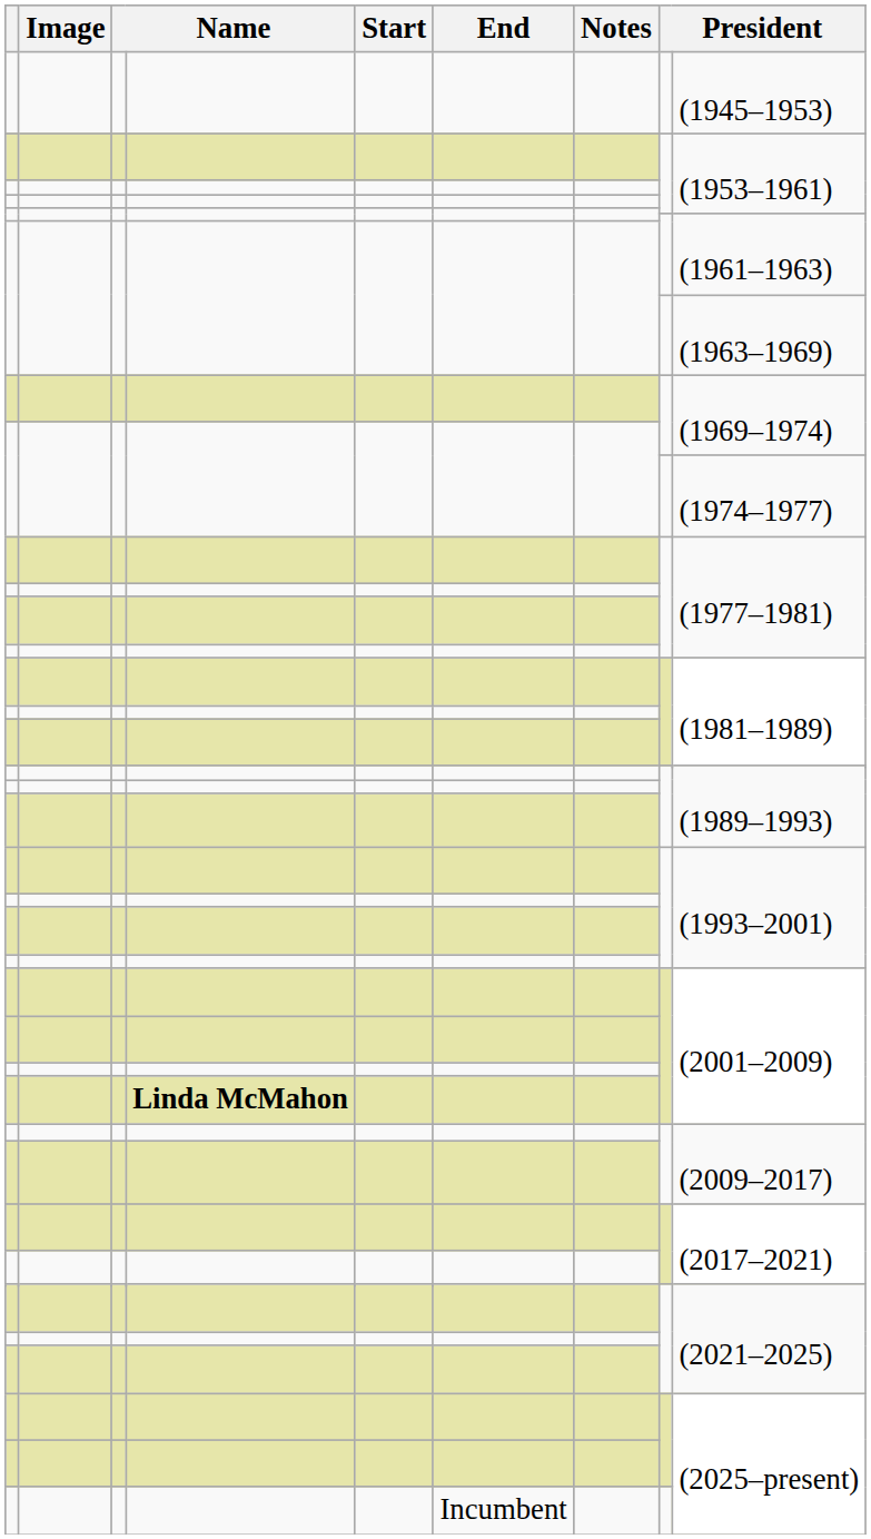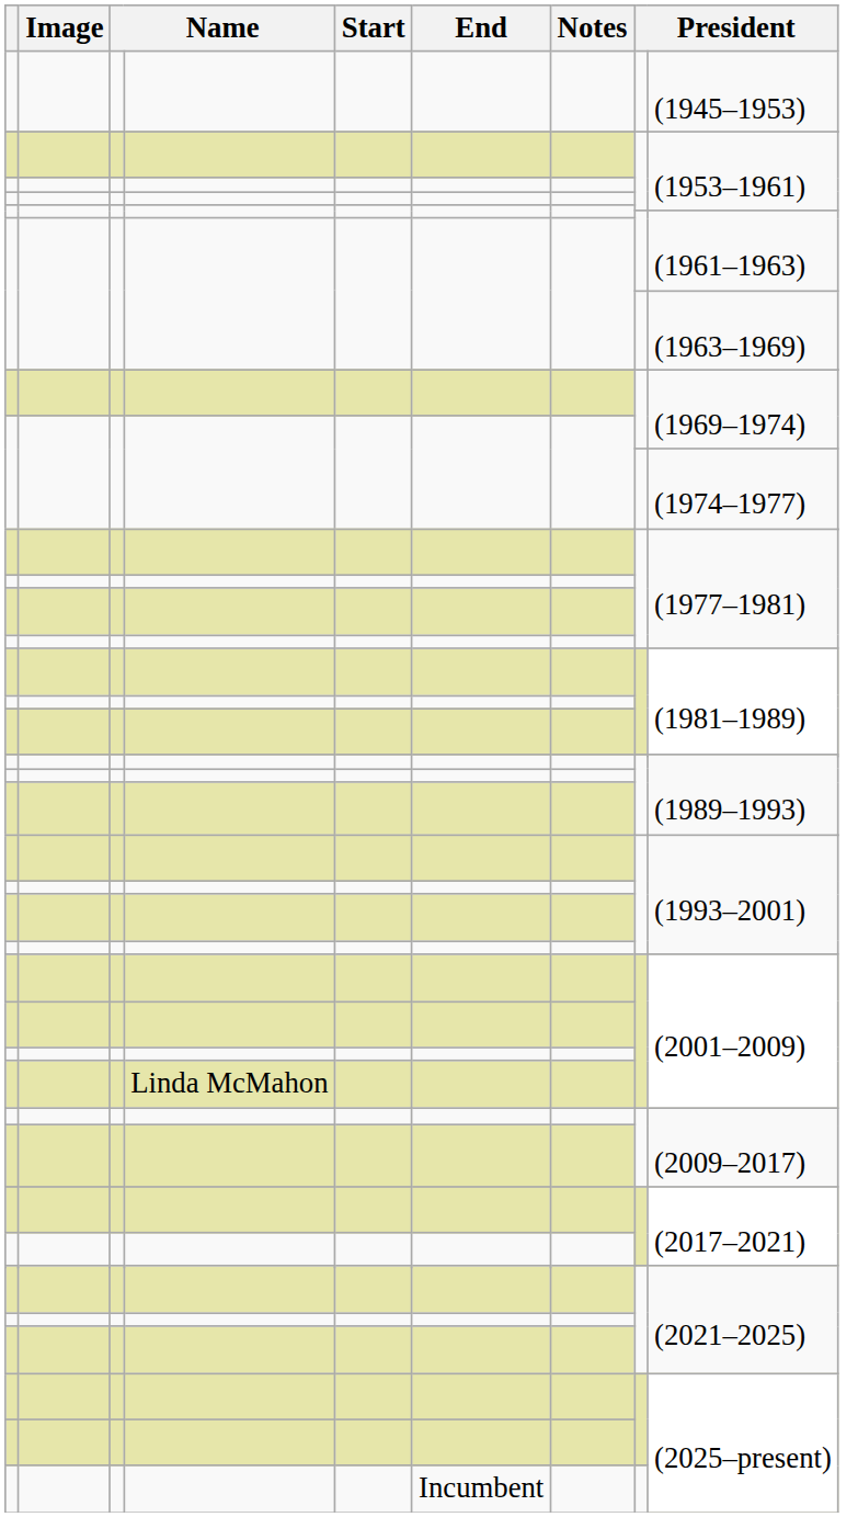 <table class="wikitable sortable">
 <tr>
 <th></th>
 <th class=unsortable>Image</th>
 <th colspan=2>Name</th>
 <th>Start</th>
 <th>End</th>
 <th>Notes</th>
 <th colspan=2>President</th>
 </tr>
 <tr>
 <td rowspan=2></td>
 <td rowspan=2></td>
 <td rowspan=2 style="background: "></td>
 <td rowspan=2></td>
 <td rowspan=2></td>
 <td rowspan=2></td>
 <td rowspan=2></td>
 <td style="background: "></td>
 <td><br>(1945–1953)</td>
 </tr>
 <tr>
 <td rowspan=5 style="background: "></td>
 <td rowspan=5><br>(1953–1961)</td>
 </tr>
 <tr bgcolor="#e6e6aa">
 <td></td>
 <td></td>
 <td style="background: "></td>
 <td><br></td>
 <td></td>
 <td></td>
 <td></td>
 </tr>
 <tr>
 <td></td>
 <td></td>
 <td style="background: "></td>
 <td></td>
 <td></td>
 <td></td>
 <td></td>
 </tr>
 <tr>
 <td></td>
 <td></td>
 <td style="background: "></td>
 <td></td>
 <td></td>
 <td></td>
 <td></td>
 </tr>
 <tr>
 <td rowspan=2></td>
 <td rowspan=2></td>
 <td rowspan=2 style="background: "></td>
 <td rowspan=2></td>
 <td rowspan=2></td>
 <td rowspan=2></td>
 <td rowspan=2></td>
 </tr>
 <tr>
 <td rowspan=2 style="background: "></td>
 <td rowspan=2><br>(1961–1963)</td>
 </tr>
 <tr>
 <td rowspan=3></td>
 <td rowspan=3></td>
 <td rowspan=3 style="background: "></td>
 <td rowspan=3></td>
 <td rowspan=3></td>
 <td rowspan=3></td>
 <td rowspan=3></td>
 </tr>
 <tr>
 <td style="background: "></td>
 <td><br>(1963–1969)</td>
 </tr>
 <tr>
 <td rowspan=3 style="background: "></td>
 <td rowspan=3><br>(1969–1974)</td>
 </tr>
 <tr bgcolor="#e6e6aa">
 <td></td>
 <td></td>
 <td style="background: "></td>
 <td><br></td>
 <td></td>
 <td></td>
 <td></td>
 </tr>
 <tr>
 <td rowspan=3></td>
 <td rowspan=3></td>
 <td rowspan=3 style="background: "></td>
 <td rowspan=3></td>
 <td rowspan=3></td>
 <td rowspan=3></td>
 <td rowspan=3></td>
 </tr>
 <tr>
 <td style="background: "></td>
 <td><br>(1974–1977)</td>
 </tr>
 <tr>
 <td rowspan=5 style="background: "></td>
 <td rowspan=5><br>(1977–1981)</td>
 </tr>
 <tr bgcolor="#e6e6aa">
 <td></td>
 <td></td>
 <td style="background: "></td>
 <td><br></td>
 <td></td>
 <td></td>
 <td></td>
 </tr>
 <tr>
 <td></td>
 <td></td>
 <td style="background: "></td>
 <td></td>
 <td></td>
 <td></td>
 <td></td>
 </tr>
 <tr bgcolor="#e6e6aa">
 <td></td>
 <td></td>
 <td style="background: "></td>
 <td><br></td>
 <td></td>
 <td></td>
 <td></td>
 </tr>
 <tr>
 <td></td>
 <td></td>
 <td style="background: "></td>
 <td></td>
 <td></td>
 <td></td>
 <td></td>
 </tr>
 <tr bgcolor="#e6e6aa">
 <td></td>
 <td></td>
 <td style="background: "></td>
 <td><br></td>
 <td></td>
 <td></td>
 <td></td>
 <td rowspan=4 style="background: "></td>
 <td rowspan=4 bgcolor="#ffffff"><br>(1981–1989)</td>
 </tr>
 <tr>
 <td></td>
 <td></td>
 <td style="background: "></td>
 <td></td>
 <td></td>
 <td></td>
 <td></td>
 </tr>
 <tr bgcolor="#e6e6aa">
 <td></td>
 <td></td>
 <td style="background: "></td>
 <td><br></td>
 <td></td>
 <td></td>
 <td></td>
 </tr>
 <tr>
 <td rowspan=2></td>
 <td rowspan=2></td>
 <td rowspan=2 style="background: "></td>
 <td rowspan=2></td>
 <td rowspan=2></td>
 <td rowspan=2></td>
 <td rowspan=2></td>
 </tr>
 <tr>
 <td rowspan=3 style="background: "></td>
 <td rowspan=3><br>(1989–1993)</td>
 </tr>
 <tr>
 <td></td>
 <td></td>
 <td style="background: "></td>
 <td></td>
 <td></td>
 <td></td>
 <td></td>
 </tr>
 <tr bgcolor="#e6e6aa">
 <td rowspan=2></td>
 <td rowspan=2></td>
 <td rowspan=2 style="background: "></td>
 <td rowspan=2><br></td>
 <td rowspan=2></td>
 <td rowspan=2></td>
 <td rowspan=2></td>
 </tr>
 <tr>
 <td rowspan=5 style="background: "></td>
 <td rowspan=5><br>(1993–2001)</td>
 </tr>
 <tr bgcolor="#e6e6aa">
 <td></td>
 <td></td>
 <td style="background: "></td>
 <td><br></td>
 <td></td>
 <td></td>
 <td></td>
 </tr>
 <tr>
 <td></td>
 <td></td>
 <td style="background: "></td>
 <td></td>
 <td></td>
 <td></td>
 <td></td>
 </tr>
 <tr bgcolor="#e6e6aa">
 <td></td>
 <td></td>
 <td style="background: "></td>
 <td><br></td>
 <td></td>
 <td></td>
 <td></td>
 </tr>
 <tr>
 <td></td>
 <td></td>
 <td style="background: "></td>
 <td></td>
 <td></td>
 <td></td>
 <td></td>
 </tr>
 <tr bgcolor="#e6e6aa">
 <td></td>
 <td></td>
 <td style="background: "></td>
 <td><br></td>
 <td></td>
 <td></td>
 <td></td>
 <td rowspan=5 style="background: "></td>
 <td rowspan=5 bgcolor="#ffffff"><br>(2001–2009)</td>
 </tr>
 <tr bgcolor="#e6e6aa">
 <td></td>
 <td></td>
 <td style="background: "></td>
 <td><br></td>
 <td></td>
 <td></td>
 <td></td>
 </tr>
 <tr>
 <td></td>
 <td></td>
 <td style="background: "></td>
 <td></td>
 <td></td>
 <td></td>
 <td></td>
 </tr>
 <tr bgcolor="#e6e6aa">
 <td></td>
 <td></td>
 <td style="background: "></td>
-<td><strong>Linda McMahon<br></strong></td>
+<td>Linda McMahon<br></td>
 <td></td>
 <td></td>
 <td></td>
 </tr>
 <tr>
 <td rowspan=2></td>
 <td rowspan=2></td>
 <td rowspan=2 style="background: "></td>
 <td rowspan=2></td>
 <td rowspan=2></td>
 <td rowspan=2></td>
 <td rowspan=2></td>
 </tr>
 <tr>
 <td rowspan=2 style="background: "></td>
 <td rowspan=2><br>(2009–2017)</td>
 </tr>
 <tr bgcolor="#e6e6aa">
 <td></td>
 <td></td>
 <td style="background: "></td>
 <td><br></td>
 <td></td>
 <td></td>
 <td></td>
 </tr>
 <tr bgcolor="#e6e6aa">
 <td></td>
 <td></td>
 <td style="background: "></td>
 <td><br></td>
 <td></td>
 <td></td>
 <td></td>
 <td rowspan=2 style="background: "></td>
 <td rowspan=2 bgcolor="#ffffff"><br>(2017–2021)</td>
 </tr>
 <tr>
 <td rowspan=2></td>
 <td rowspan=2></td>
 <td rowspan=2 style="background: "></td>
 <td rowspan=2></td>
 <td rowspan=2></td>
 <td rowspan=2></td>
 <td rowspan=2></td>
 </tr>
 <tr>
 <td rowspan=4 style="background: "></td>
 <td rowspan=4><br>(2021–2025)</td>
 </tr>
 <tr bgcolor="#e6e6aa">
 <td></td>
 <td></td>
 <td style="background: "></td>
 <td><br></td>
 <td></td>
 <td></td>
 <td></td>
 </tr>
 <tr>
 <td></td>
 <td></td>
 <td style="background: "></td>
 <td></td>
 <td></td>
 <td></td>
 <td></td>
 </tr>
 <tr bgcolor="#e6e6aa">
 <td></td>
 <td></td>
 <td style="background: "></td>
 <td><br></td>
 <td></td>
 <td></td>
 <td></td>
 </tr>
 <tr bgcolor="#e6e6aa">
 <td></td>
 <td></td>
 <td style="background: "></td>
 <td><br></td>
 <td></td>
 <td></td>
 <td></td>
 <td rowspan=2 style="background: "></td>
 <td rowspan=3 bgcolor="#ffffff"><br>(2025–present)</td>
 </tr>
 <tr bgcolor="#e6e6aa">
 <td></td>
 <td></td>
 <td style="background: "></td>
 <td><br></td>
 <td></td>
 <td></td>
 <td></td>
 </tr>
 <tr>
 <td></td>
 <td></td>
 <td style="background: "></td>
 <td></td>
 <td></td>
 <td>Incumbent</td>
 <td></td>
 <td rowspan=2 style="background: "></td>
 </tr>
 </table>
